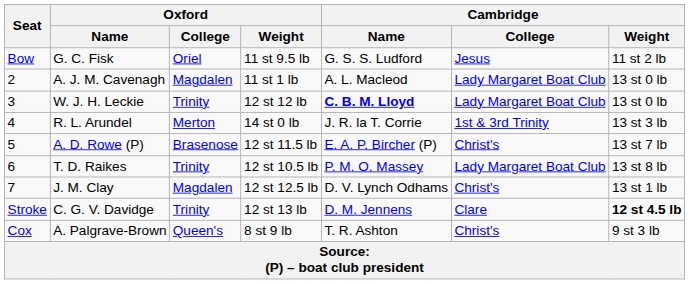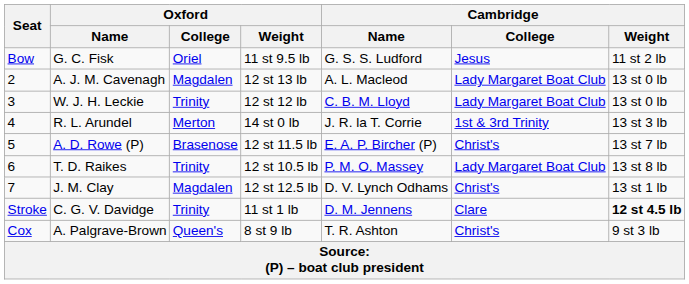 <table class="wikitable">
 <tr>
 <th rowspan="2" scope="col">Seat</th>
 <th colspan="3" scope="col">Oxford <br> </th>
 <th colspan="3" scope="col">Cambridge <br> </th>
 </tr>
 <tr>
 <th>Name</th>
 <th>College</th>
 <th>Weight</th>
 <th>Name</th>
 <th>College</th>
 <th>Weight</th>
 </tr>
 <tr>
 <td><a href='#'>Bow</a></td>
 <td>G. C. Fisk</td>
 <td><a href='#'>Oriel</a></td>
 <td>11 st 9.5 lb</td>
 <td>G. S. S. Ludford</td>
 <td><a href='#'>Jesus</a></td>
 <td>11 st 2 lb</td>
 </tr>
 <tr>
 <td>2</td>
 <td>A. J. M. Cavenagh</td>
 <td><a href='#'>Magdalen</a></td>
-<td>11 st 1 lb</td>
+<td>12 st 13 lb</td>
 <td>A. L. Macleod</td>
 <td><a href='#'>Lady Margaret Boat Club</a></td>
 <td>13 st 0 lb</td>
 </tr>
 <tr>
 <td>3</td>
 <td>W. J. H. Leckie</td>
 <td><a href='#'>Trinity</a></td>
 <td>12 st 12 lb</td>
-<td><strong><a href='#'>C. B. M. Lloyd</a></strong></td>
+<td><a href='#'>C. B. M. Lloyd</a></td>
 <td><a href='#'>Lady Margaret Boat Club</a></td>
 <td>13 st 0 lb</td>
 </tr>
 <tr>
 <td>4</td>
 <td>R. L. Arundel</td>
 <td><a href='#'>Merton</a></td>
 <td>14 st 0 lb</td>
 <td>J. R. la T. Corrie</td>
 <td><a href='#'>1st & 3rd Trinity</a></td>
 <td>13 st 3 lb</td>
 </tr>
 <tr>
 <td>5</td>
 <td><a href='#'>A. D. Rowe</a> (P)</td>
 <td><a href='#'>Brasenose</a></td>
 <td>12 st 11.5 lb</td>
 <td><a href='#'>E. A. P. Bircher</a> (P)</td>
 <td><a href='#'>Christ's</a></td>
 <td>13 st 7 lb</td>
 </tr>
 <tr>
 <td>6</td>
 <td>T. D. Raikes</td>
 <td><a href='#'>Trinity</a></td>
 <td>12 st 10.5 lb</td>
 <td><a href='#'>P. M. O. Massey</a></td>
 <td><a href='#'>Lady Margaret Boat Club</a></td>
 <td>13 st 8 lb</td>
 </tr>
 <tr>
 <td>7</td>
 <td>J. M. Clay</td>
 <td><a href='#'>Magdalen</a></td>
 <td>12 st 12.5 lb</td>
 <td>D. V. Lynch Odhams</td>
 <td><a href='#'>Christ's</a></td>
 <td>13 st 1 lb</td>
 </tr>
 <tr>
 <td><a href='#'>Stroke</a></td>
 <td>C. G. V. Davidge</td>
 <td><a href='#'>Trinity</a></td>
-<td>12 st 13 lb</td>
+<td>11 st 1 lb</td>
 <td><a href='#'>D. M. Jennens</a></td>
 <td><a href='#'>Clare</a></td>
 <td><strong>12 st 4.5 lb</strong></td>
 </tr>
 <tr>
 <td><a href='#'>Cox</a></td>
 <td>A. Palgrave-Brown</td>
 <td><a href='#'>Queen's</a></td>
 <td>8 st 9 lb</td>
 <td>T. R. Ashton</td>
 <td><a href='#'>Christ's</a></td>
 <td>9 st 3 lb</td>
 </tr>
 <tr>
 <th colspan="7">Source:<br>(P) – boat club president</th>
 </tr>
 </table>
